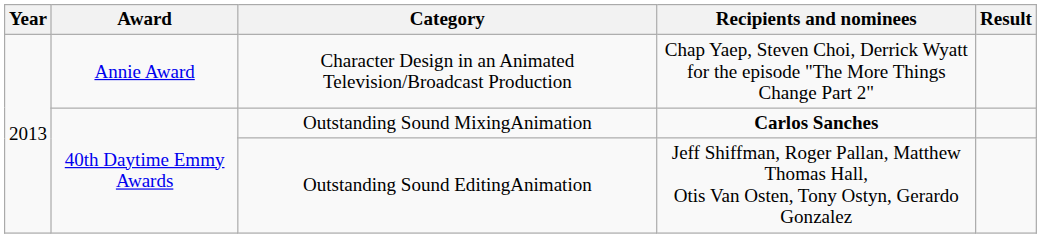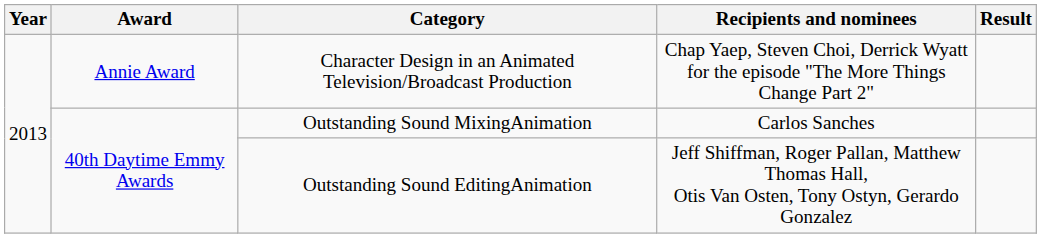 <table class="wikitable" style="text-align:center;">
 <tr>
 <th>Year</th>
 <th>Award</th>
 <th>Category</th>
 <th>Recipients and nominees</th>
 <th>Result</th>
 </tr>
 <tr>
 <td rowspan=3>2013</td>
 <td><a href='#'>Annie Award</a></td>
 <td>Character Design in an Animated Television/Broadcast Production</td>
 <td>Chap Yaep, Steven Choi, Derrick Wyatt<br>for the episode "The More Things Change Part 2"</td>
 <td></td>
 </tr>
 <tr>
 <td rowspan="2"><a href='#'>40th Daytime Emmy Awards</a></td>
 <td>Outstanding Sound MixingAnimation</td>
-<td><strong>Carlos Sanches</strong></td>
+<td>Carlos Sanches</td>
 <td></td>
 </tr>
 <tr>
 <td>Outstanding Sound EditingAnimation</td>
 <td>Jeff Shiffman, Roger Pallan, Matthew Thomas Hall,<br>Otis Van Osten, Tony Ostyn, Gerardo Gonzalez</td>
 <td></td>
 </tr>
 </table>
